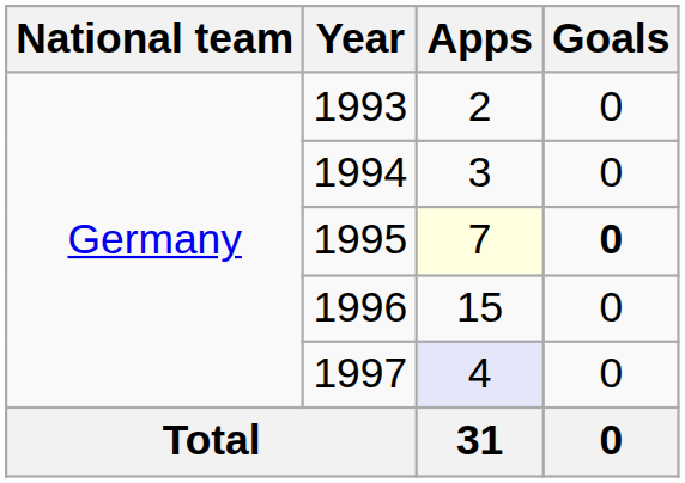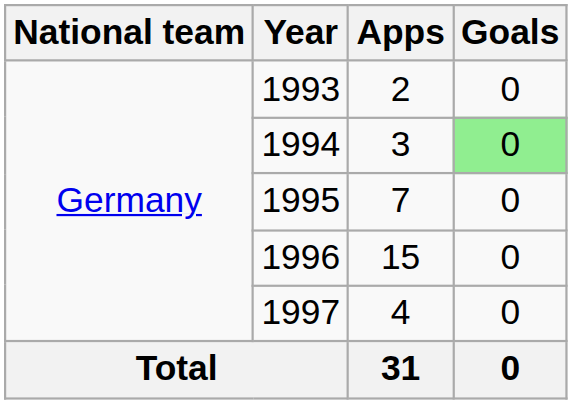 <table class="wikitable" style="text-align:center">
 <tr>
 <th>National team</th>
 <th>Year</th>
 <th>Apps</th>
 <th>Goals</th>
 </tr>
 <tr>
 <td rowspan="5"><a href='#'>Germany</a></td>
 <td>1993</td>
 <td>2</td>
 <td>0</td>
 </tr>
 <tr>
 <td>1994</td>
 <td>3</td>
-<td>0</td>
+<td style="background: lightgreen;">0</td>
 </tr>
 <tr>
 <td>1995</td>
-<td style="background: lightyellow;">7</td>
-<td><strong>0</strong></td>
+<td>7</td>
+<td>0</td>
 </tr>
 <tr>
 <td>1996</td>
 <td>15</td>
 <td>0</td>
 </tr>
 <tr>
 <td>1997</td>
-<td style="background: lavender;">4</td>
+<td>4</td>
 <td>0</td>
 </tr>
 <tr>
 <th colspan="2">Total</th>
 <th>31</th>
 <th>0</th>
 </tr>
 </table>
